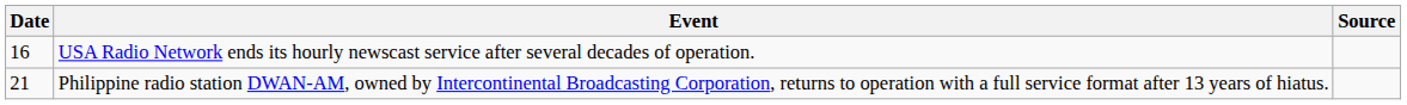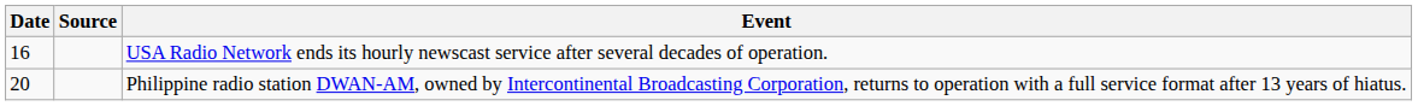 <table class=wikitable>
 <tr>
 <th>Date</th>
+<th>Source</th>
 <th>Event</th>
-<th>Source</th>
 </tr>
 <tr>
 <td>16</td>
+<td></td>
 <td><a href='#'>USA Radio Network</a> ends its hourly newscast service after several decades of operation.</td>
-<td></td>
 </tr>
 <tr>
-<td>21</td>
+<td>20</td>
+<td></td>
 <td>Philippine radio station <a href='#'>DWAN-AM</a>, owned by <a href='#'>Intercontinental Broadcasting Corporation</a>, returns to operation with a full service format after 13 years of hiatus.</td>
-<td></td>
 </tr>
 </table>
